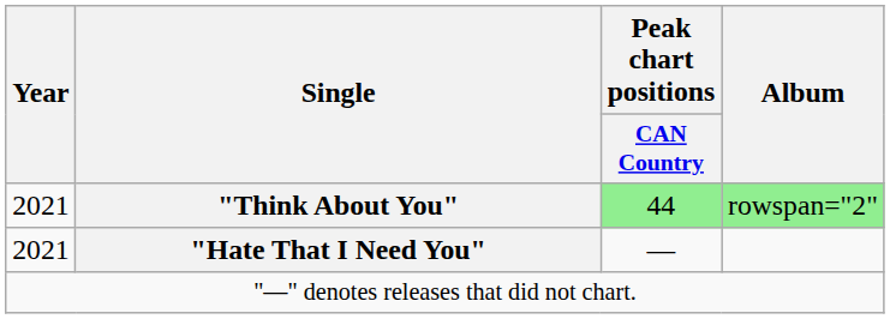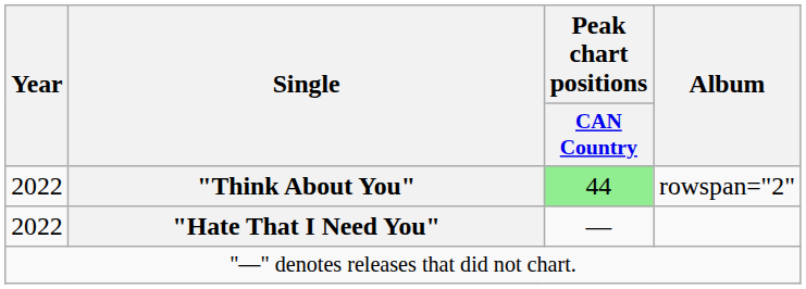 <table class="wikitable plainrowheaders" style="text-align:center;">
 <tr>
 <th rowspan="2">Year</th>
 <th rowspan="2" style="width:18em;">Single</th>
 <th colspan="1">Peak chart positions</th>
 <th rowspan="2">Album</th>
 </tr>
 <tr style="font-size:smaller;">
 <th style="width:4em;"><a href='#'>CAN Country</a><br></th>
 </tr>
 <tr>
-<td>2021</td>
+<td>2022</td>
 <th scope="row">"Think About You"</th>
 <td style="background: lightgreen;">44</td>
-<td style="background: lightgreen;">rowspan="2" </td>
+<td>rowspan="2" </td>
 </tr>
 <tr>
-<td>2021</td>
+<td>2022</td>
 <th scope="row">"Hate That I Need You"</th>
 <td>—</td>
 </tr>
 <tr>
 <td colspan="5" style="font-size:85%">"—" denotes releases that did not chart.</td>
 </tr>
 </table>
